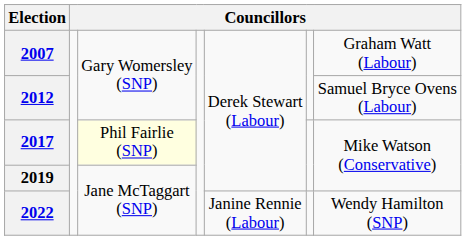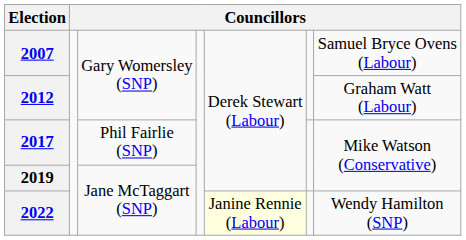 <table class="wikitable" style="text-align:center">
 <tr>
 <th>Election</th>
 <th colspan=8>Councillors</th>
 </tr>
 <tr>
 <th><a href='#'>2007</a></th>
 <td rowspan=5; style="background-color: "></td>
 <td rowspan=2>Gary Womersley<br>(<a href='#'>SNP</a>)</td>
 <td rowspan=5; style="background-color: "></td>
 <td rowspan=4>Derek Stewart<br>(<a href='#'>Labour</a>)</td>
 <td rowspan=2; style="background-color: "></td>
+<td rowspan=1>Samuel Bryce Ovens<br>(<a href='#'>Labour</a>)</td>
+</tr>
+<tr>
+<th><a href='#'>2012</a></th>
 <td rowspan=1>Graham Watt<br>(<a href='#'>Labour</a>)</td>
 </tr>
 <tr>
-<th><a href='#'>2012</a></th>
-<td rowspan=1>Samuel Bryce Ovens<br>(<a href='#'>Labour</a>)</td>
-</tr>
-<tr>
 <th><a href='#'>2017</a></th>
-<td rowspan=1 style="background: lightyellow;">Phil Fairlie<br>(<a href='#'>SNP</a>)</td>
+<td rowspan=1>Phil Fairlie<br>(<a href='#'>SNP</a>)</td>
 <td rowspan=2; style="background-color: "></td>
 <td rowspan=2>Mike Watson<br>(<a href='#'>Conservative</a>)</td>
 </tr>
 <tr>
 <th>2019</th>
 <td rowspan=2>Jane McTaggart<br>(<a href='#'>SNP</a>)</td>
 </tr>
 <tr>
 <th><a href='#'>2022</a></th>
-<td rowspan=1>Janine Rennie<br>(<a href='#'>Labour</a>)</td>
+<td rowspan=1 style="background: lightyellow;">Janine Rennie<br>(<a href='#'>Labour</a>)</td>
 <td rowspan=1; style="background-color: "></td>
 <td rowspan=1>Wendy Hamilton<br>(<a href='#'>SNP</a>)</td>
 </tr>
 </table>
